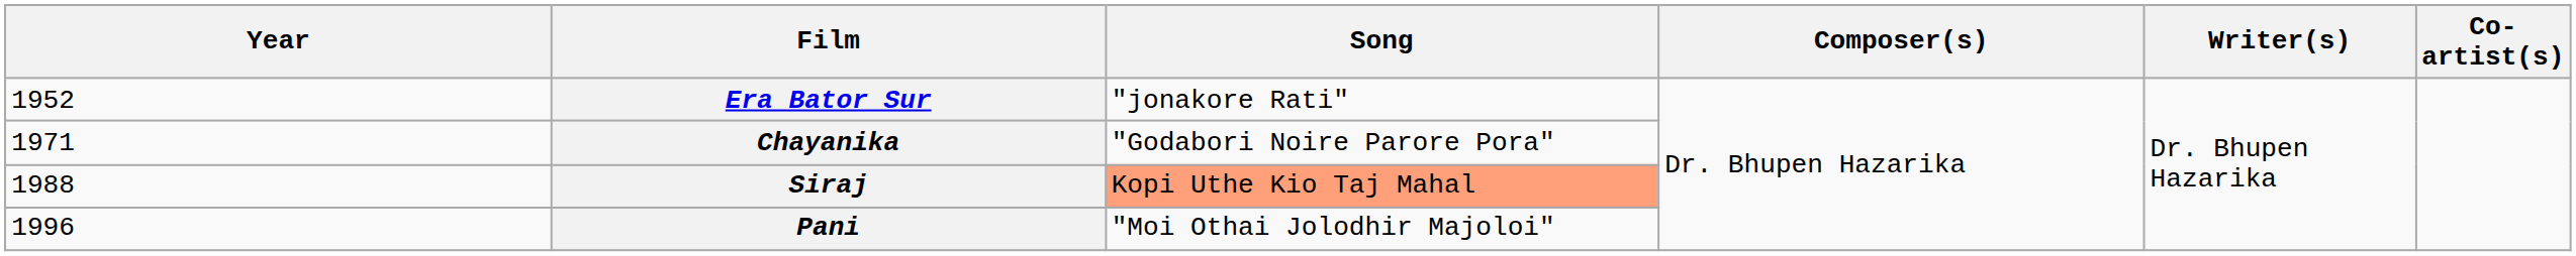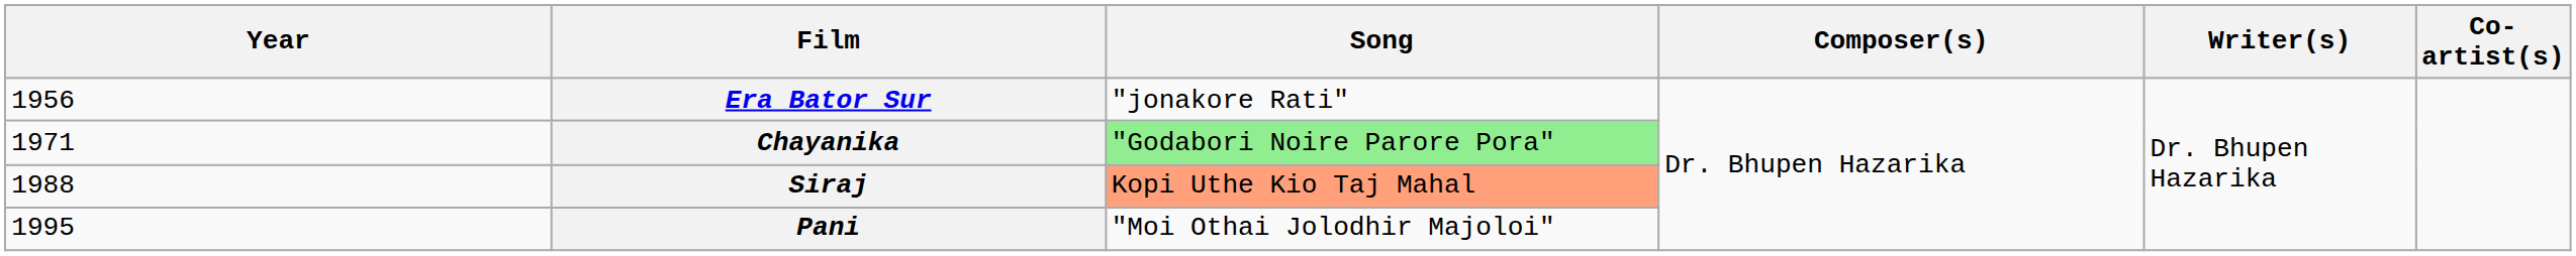 <table class="wikitable plainrowheaders" style="width:100%; textcolor:#000">
 <tr style="background:#b0e0e66;">
 <th scope="col" style="width:23%;"><strong>Year</strong></th>
 <th scope="col" style="width:23%;"><strong>Film</strong></th>
 <th scope="col" style="width:23%;"><strong>Song</strong></th>
 <th scope="col" style="width:20%;"><strong>Composer(s)</strong></th>
 <th scope="col" style="width:16%;"><strong>Writer(s)</strong></th>
 <th scope="col" style="width:18%;"><strong>Co-artist(s)</strong></th>
 </tr>
 <tr>
-<td>1952</td>
+<td>1956</td>
 <th><em><a href='#'>Era Bator Sur</a></em></th>
 <td>"jonakore Rati"</td>
 <td rowspan="4">Dr. Bhupen Hazarika</td>
 <td rowspan="4">Dr. Bhupen Hazarika </td>
 <td rowspan=4></td>
 </tr>
 <tr>
 <td>1971</td>
 <th><em>Chayanika</em></th>
-<td>"Godabori Noire Parore Pora"</td>
+<td style="background: lightgreen;">"Godabori Noire Parore Pora"</td>
 </tr>
 <tr>
 <td>1988</td>
 <th><em>Siraj</em></th>
 <td style="background: lightsalmon;">Kopi Uthe Kio Taj Mahal</td>
 </tr>
 <tr>
-<td>1996</td>
+<td>1995</td>
 <th><em>Pani</em></th>
 <td>"Moi Othai Jolodhir Majoloi"</td>
 </tr>
 </table>
